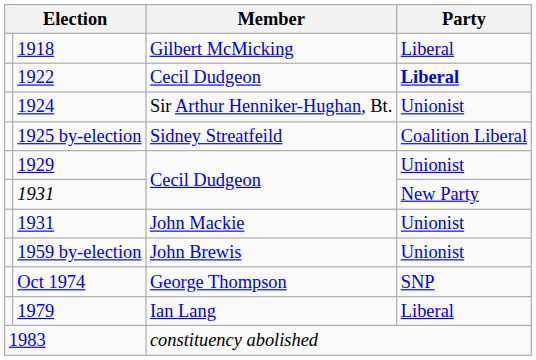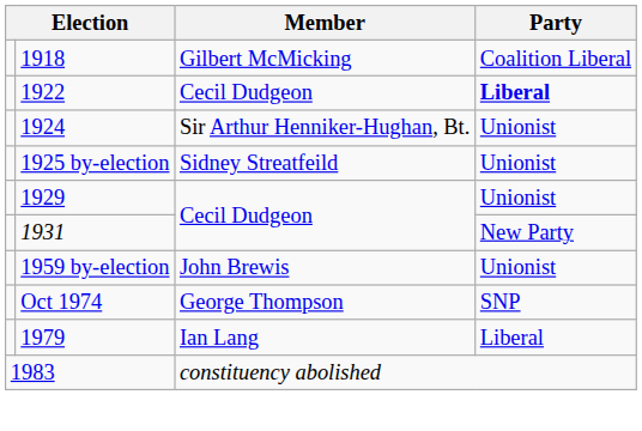 <table class="wikitable">
 <tr>
 <th colspan="2">Election</th>
 <th>Member</th>
 <th>Party</th>
 </tr>
 <tr>
 <td style="color:inherit;background-color: "></td>
 <td><a href='#'>1918</a></td>
 <td><a href='#'>Gilbert McMicking</a></td>
-<td><a href='#'>Liberal</a></td>
+<td><a href='#'>Coalition Liberal</a></td>
 </tr>
 <tr>
 <td style="color:inherit;background-color: "></td>
 <td><a href='#'>1922</a></td>
 <td><a href='#'>Cecil Dudgeon</a></td>
 <td><strong><a href='#'>Liberal</a></strong></td>
 </tr>
 <tr>
 <td style="color:inherit;background-color: "></td>
 <td><a href='#'>1924</a></td>
 <td>Sir <a href='#'>Arthur Henniker-Hughan</a>, Bt.</td>
 <td><a href='#'>Unionist</a></td>
 </tr>
 <tr>
 <td style="color:inherit;background-color: "></td>
 <td><a href='#'>1925 by-election</a></td>
 <td><a href='#'>Sidney Streatfeild</a></td>
-<td><a href='#'>Coalition Liberal</a></td>
+<td><a href='#'>Unionist</a></td>
 </tr>
 <tr>
 <td style="color:inherit;background-color: "></td>
 <td><a href='#'>1929</a></td>
 <td rowspan="2"><a href='#'>Cecil Dudgeon</a></td>
 <td><a href='#'>Unionist</a></td>
 </tr>
 <tr>
 <td style="color:inherit;background-color: "></td>
 <td><em>1931</em></td>
 <td><a href='#'>New Party</a></td>
-</tr>
-<tr>
-<td style="color:inherit;background-color: "></td>
-<td><a href='#'>1931</a></td>
-<td><a href='#'>John Mackie</a></td>
-<td><a href='#'>Unionist</a></td>
 </tr>
 <tr>
 <td style="color:inherit;background-color: "></td>
 <td><a href='#'>1959 by-election</a></td>
 <td><a href='#'>John Brewis</a></td>
 <td><a href='#'>Unionist</a></td>
 </tr>
 <tr>
 <td style="color:inherit;background-color: "></td>
 <td><a href='#'>Oct 1974</a></td>
 <td><a href='#'>George Thompson</a></td>
 <td><a href='#'>SNP</a></td>
 </tr>
 <tr>
 <td style="color:inherit;background-color: "></td>
 <td><a href='#'>1979</a></td>
 <td><a href='#'>Ian Lang</a></td>
 <td><a href='#'>Liberal</a></td>
 </tr>
 <tr>
 <td colspan="2" align="left"><a href='#'>1983</a></td>
 <td colspan="2"><em>constituency abolished</em></td>
 </tr>
 </table>
